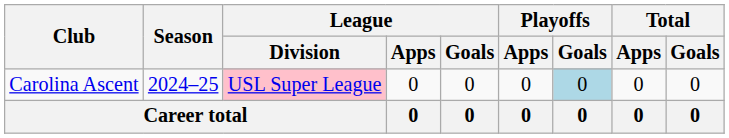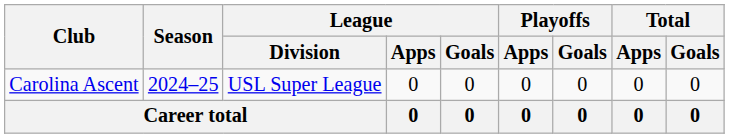 <table class="wikitable" style="text-align: center;">
 <tr>
 <th rowspan="2">Club</th>
 <th rowspan="2">Season</th>
 <th colspan="3">League</th>
 <th colspan="2">Playoffs</th>
 <th colspan="2">Total</th>
 </tr>
 <tr>
 <th>Division</th>
 <th>Apps</th>
 <th>Goals</th>
 <th>Apps</th>
 <th>Goals</th>
 <th>Apps</th>
 <th>Goals</th>
 </tr>
 <tr>
 <td><a href='#'>Carolina Ascent</a></td>
 <td><a href='#'>2024–25</a></td>
-<td style="background: pink;"><a href='#'>USL Super League</a></td>
+<td><a href='#'>USL Super League</a></td>
 <td>0</td>
 <td>0</td>
 <td>0</td>
-<td style="background: lightblue;">0</td>
+<td>0</td>
 <td>0</td>
 <td>0</td>
 </tr>
 <tr>
 <th colspan="3">Career total</th>
 <th>0</th>
 <th>0</th>
 <th>0</th>
 <th>0</th>
 <th>0</th>
 <th>0</th>
 </tr>
 </table>
